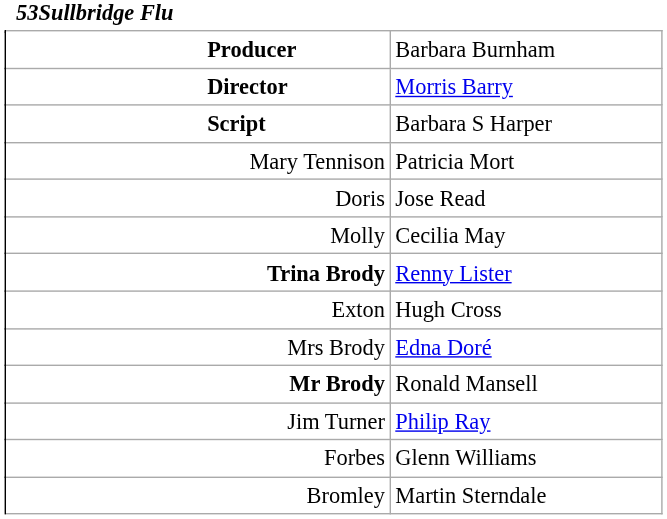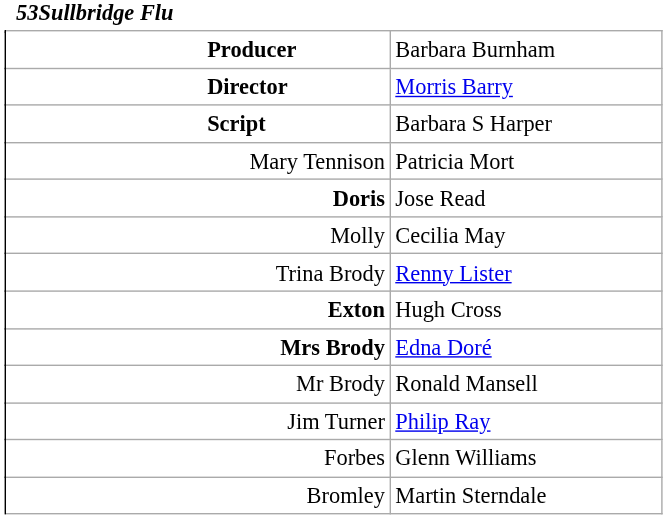 <table class="wikitable mw-collapsible mw-collapsed" style="vertical-align:top;margin:auto 2em;line-height:1.2;min-width:33em;display: inline-table;background-color:inherit;border:none;">
 <tr>
 <td class=unsortable style="border:hidden;line-height:1.67;text-align:center;margin-left:-1em;padding-left:0.5em;min-width:1.0em;"></td>
 <td class=unsortable style="border:none;padding-left:0.5em;text-align:left;min-width:16.5em;font-weight:700;font-style:italic;">53Sullbridge Flu</td>
 <td class=unsortable style="border:none;text-align:right;font-weight:normal;font-family:Courier;font-size:95%;letter-spacing:-1pt;min-width:8.5em;padding-right:0.2em;"></td>
 <td class=unsortable style="border:hidden;min-width:3.5em;padding-left:0;"></td>
 <td class=unsortable style="border:hidden;min-width:3.5em;font-size:95%;"></td>
 </tr>
 <tr>
 <td rowspan=100 style="border:none thin;border-right-style :solid;"></td>
 </tr>
 <tr>
 <td style="text-align:left;padding-left:9.0em;font-weight:bold;">Producer</td>
 <td colspan=2>Barbara Burnham</td>
 </tr>
 <tr>
 <td style="text-align:left;padding-left:9.0em;font-weight:bold;">Director</td>
 <td colspan=2><a href='#'>Morris Barry</a></td>
 </tr>
 <tr>
 <td style="text-align:left;padding-left:9.0em;font-weight:bold;">Script</td>
 <td colspan=2>Barbara S Harper</td>
 </tr>
 <tr>
 <td style="text-align:right;">Mary Tennison</td>
 <td colspan=2>Patricia Mort</td>
 </tr>
 <tr>
-<td style="text-align:right;">Doris</td>
+<td style="text-align:right;"><strong>Doris</strong></td>
 <td colspan=2>Jose Read</td>
 </tr>
 <tr>
 <td style="text-align:right;">Molly</td>
 <td colspan=2>Cecilia May</td>
 </tr>
 <tr>
-<td style="text-align:right;"><strong>Trina Brody</strong></td>
+<td style="text-align:right;">Trina Brody</td>
 <td colspan=2><a href='#'>Renny Lister</a></td>
 </tr>
 <tr>
-<td style="text-align:right;">Exton</td>
+<td style="text-align:right;"><strong>Exton</strong></td>
 <td colspan=2>Hugh Cross</td>
 </tr>
 <tr>
-<td style="text-align:right;">Mrs Brody</td>
+<td style="text-align:right;"><strong>Mrs Brody</strong></td>
 <td colspan=2><a href='#'>Edna Doré</a></td>
 </tr>
 <tr>
-<td style="text-align:right;"><strong>Mr Brody</strong></td>
+<td style="text-align:right;">Mr Brody</td>
 <td colspan=2>Ronald Mansell</td>
 </tr>
 <tr>
 <td style="text-align:right;">Jim Turner</td>
 <td colspan=2><a href='#'>Philip Ray</a></td>
 </tr>
 <tr>
 <td style="text-align:right;">Forbes</td>
 <td colspan=2>Glenn Williams</td>
 </tr>
 <tr>
 <td style="text-align:right;">Bromley</td>
 <td colspan=2>Martin Sterndale</td>
 </tr>
 </table>
